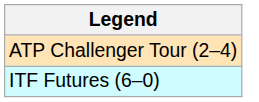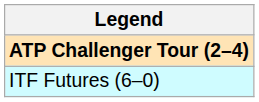 <table class=wikitable>
 <tr>
 <th>Legend</th>
 </tr>
 <tr bgcolor=moccasin>
-<td>ATP Challenger Tour (2–4)</td>
+<td><strong>ATP Challenger Tour (2–4)</strong></td>
 </tr>
 <tr bgcolor=CFFCFF>
 <td>ITF Futures (6–0)</td>
 </tr>
 </table>
